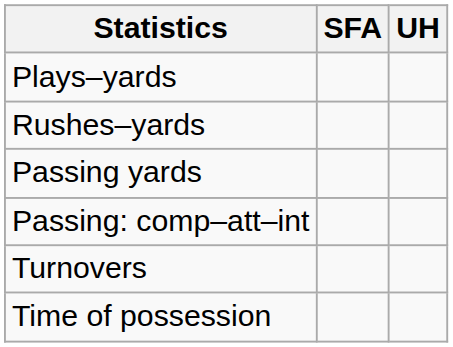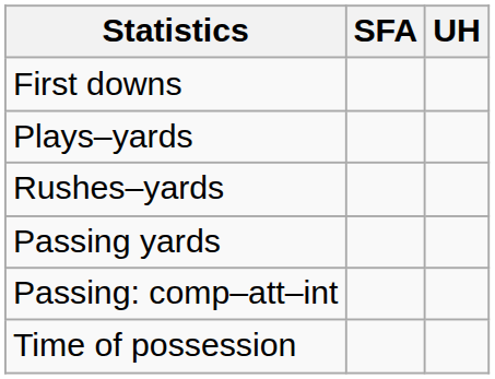 <table class="wikitable" style="float:left">
 <tr>
 <th>Statistics</th>
 <th>SFA</th>
 <th>UH</th>
+</tr>
+<tr>
+<td>First downs</td>
+<td></td>
+<td></td>
 </tr>
 <tr>
 <td>Plays–yards</td>
 <td></td>
 <td></td>
 </tr>
 <tr>
 <td>Rushes–yards</td>
 <td></td>
 <td></td>
 </tr>
 <tr>
 <td>Passing yards</td>
 <td></td>
 <td></td>
 </tr>
 <tr>
 <td>Passing: comp–att–int</td>
 <td></td>
 <td></td>
 </tr>
 <tr>
-<td>Turnovers</td>
-<td></td>
-<td></td>
-</tr>
-<tr>
 <td>Time of possession</td>
 <td></td>
 <td></td>
 </tr>
 </table>
